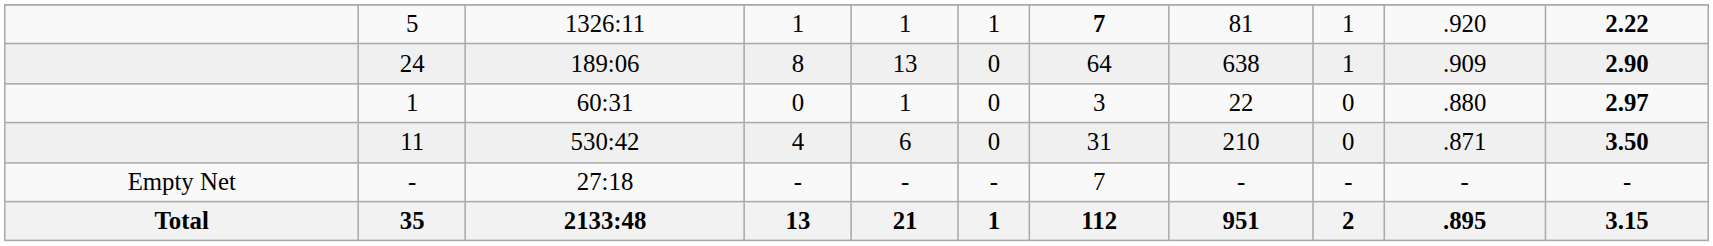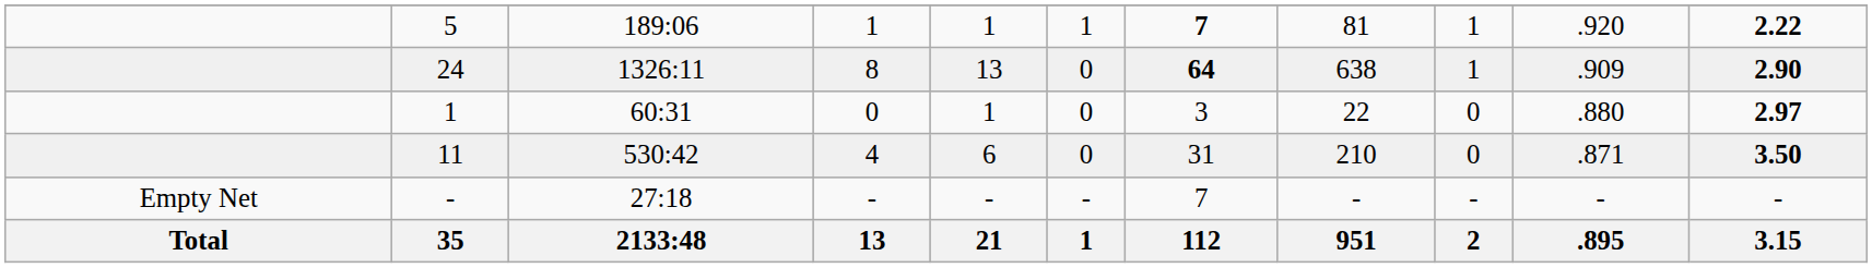 <table class="wikitable sortable" width=1100>
 <tr align="center">
 </tr>
 <tr align="center" bgcolor="">
 <td></td>
 <td>5</td>
-<td>1326:11</td>
+<td>189:06</td>
 <td>1</td>
 <td>1</td>
 <td>1</td>
 <td><strong>7</strong></td>
 <td>81</td>
 <td>1</td>
 <td>.920</td>
 <td><strong>2.22</strong></td>
 </tr>
 <tr align="center" bgcolor="f0f0f0">
 <td></td>
 <td>24</td>
-<td>189:06</td>
+<td>1326:11</td>
 <td>8</td>
 <td>13</td>
 <td>0</td>
-<td>64</td>
+<td><strong>64</strong></td>
 <td>638</td>
 <td>1</td>
 <td>.909</td>
 <td><strong>2.90</strong></td>
 </tr>
 <tr align="center" bgcolor="">
 <td></td>
 <td>1</td>
 <td>60:31</td>
 <td>0</td>
 <td>1</td>
 <td>0</td>
 <td>3</td>
 <td>22</td>
 <td>0</td>
 <td>.880</td>
 <td><strong>2.97</strong></td>
 </tr>
 <tr align="center" bgcolor="f0f0f0">
 <td></td>
 <td>11</td>
 <td>530:42</td>
 <td>4</td>
 <td>6</td>
 <td>0</td>
 <td>31</td>
 <td>210</td>
 <td>0</td>
 <td>.871</td>
 <td><strong>3.50</strong></td>
 </tr>
 <tr align="center" bgcolor="">
 <td>Empty Net</td>
 <td>-</td>
 <td>27:18</td>
 <td>-</td>
 <td>-</td>
 <td>-</td>
 <td>7</td>
 <td>-</td>
 <td>-</td>
 <td>-</td>
 <td>-</td>
 </tr>
 <tr>
 <th>Total</th>
 <th>35</th>
 <th>2133:48</th>
 <th>13</th>
 <th>21</th>
 <th>1</th>
 <th>112</th>
 <th>951</th>
 <th>2</th>
 <th>.895</th>
 <th>3.15</th>
 </tr>
 </table>
